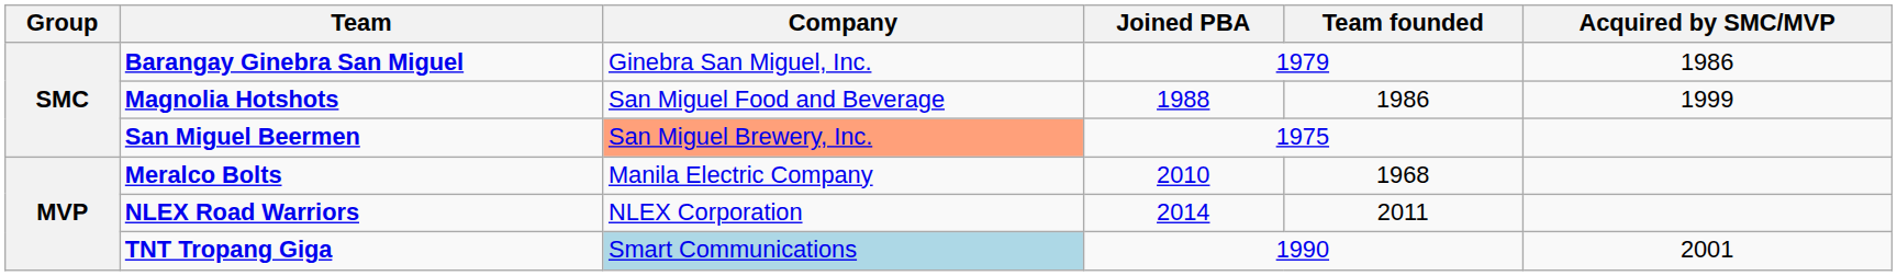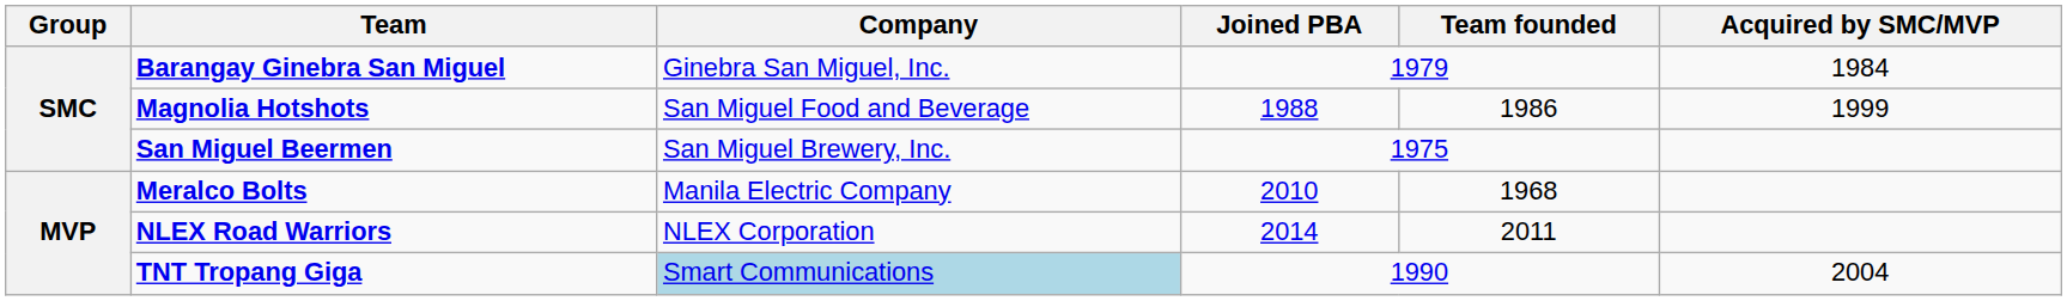 <table class="wikitable sortable plainrowheaders" style="width:100%;">
 <tr>
 <th>Group</th>
 <th>Team</th>
 <th>Company</th>
 <th>Joined PBA</th>
 <th>Team founded</th>
 <th>Acquired by SMC/MVP<br></th>
 </tr>
 <tr>
 <th rowspan=3><strong>SMC</strong></th>
 <td><strong><a href='#'>Barangay Ginebra San Miguel</a></strong></td>
 <td style="text-align:left;"><a href='#'>Ginebra San  Miguel, Inc.</a></td>
 <td align="center" colspan="2"><a href='#'>1979</a></td>
-<td align="center">1986</td>
+<td align="center">1984</td>
 </tr>
 <tr>
 <td><strong><a href='#'>Magnolia Hotshots</a></strong></td>
 <td style="text-align:left;"><a href='#'>San Miguel Food and Beverage</a></td>
 <td align="center"><a href='#'>1988</a></td>
 <td align="center">1986</td>
 <td align="center">1999</td>
 </tr>
 <tr>
 <td><strong><a href='#'>San Miguel Beermen</a></strong></td>
-<td style="background: lightsalmon; text-align:left;"><a href='#'>San Miguel Brewery, Inc.</a></td>
+<td style="text-align:left;"><a href='#'>San Miguel Brewery, Inc.</a></td>
 <td align="center" colspan=2><a href='#'>1975</a></td>
 <td><br></td>
 </tr>
 <tr>
 <th rowspan=3><strong>MVP</strong></th>
 <td><strong><a href='#'>Meralco Bolts</a></strong></td>
 <td style="text-align:left;"><a href='#'>Manila Electric Company</a></td>
 <td align="center"><a href='#'>2010</a></td>
 <td align="center">1968</td>
 <td></td>
 </tr>
 <tr>
 <td><strong><a href='#'>NLEX Road Warriors</a></strong></td>
 <td style="text-align:left;"><a href='#'>NLEX Corporation</a></td>
 <td align="center"><a href='#'>2014</a></td>
 <td align="center">2011</td>
 <td></td>
 </tr>
 <tr>
 <td><strong><a href='#'>TNT Tropang Giga</a></strong></td>
 <td style="background: lightblue; text-align:left;"><a href='#'>Smart Communications</a></td>
 <td align="center"  colspan="2"><a href='#'>1990</a></td>
-<td align="center">2001</td>
+<td align="center">2004</td>
 </tr>
 </table>
